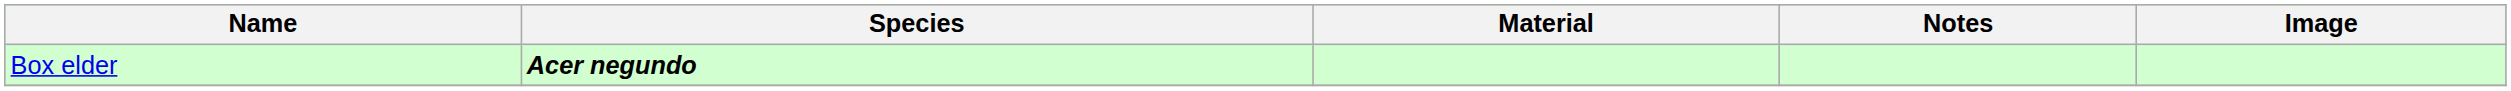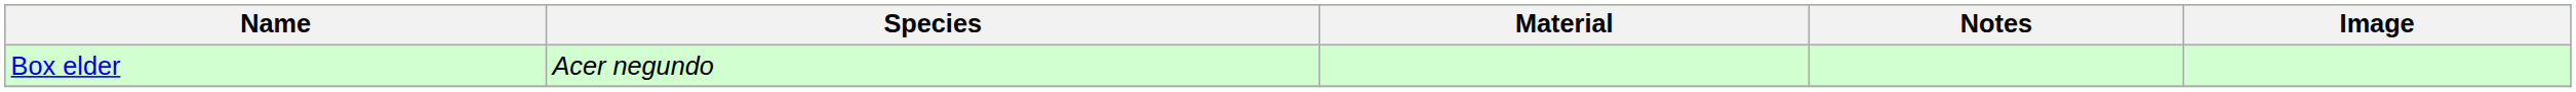 <table class="wikitable" align="center" width="100%" style="background:#D1FFCF;">
 <tr>
 <th>Name</th>
 <th>Species</th>
 <th>Material</th>
 <th>Notes</th>
 <th>Image</th>
 </tr>
 <tr>
 <td><a href='#'>Box elder</a></td>
-<td><strong><em>Acer negundo</em></strong></td>
+<td><em>Acer negundo</em></td>
 <td></td>
 <td></td>
 <td></td>
 </tr>
 <tr>
 </tr>
 </table>
